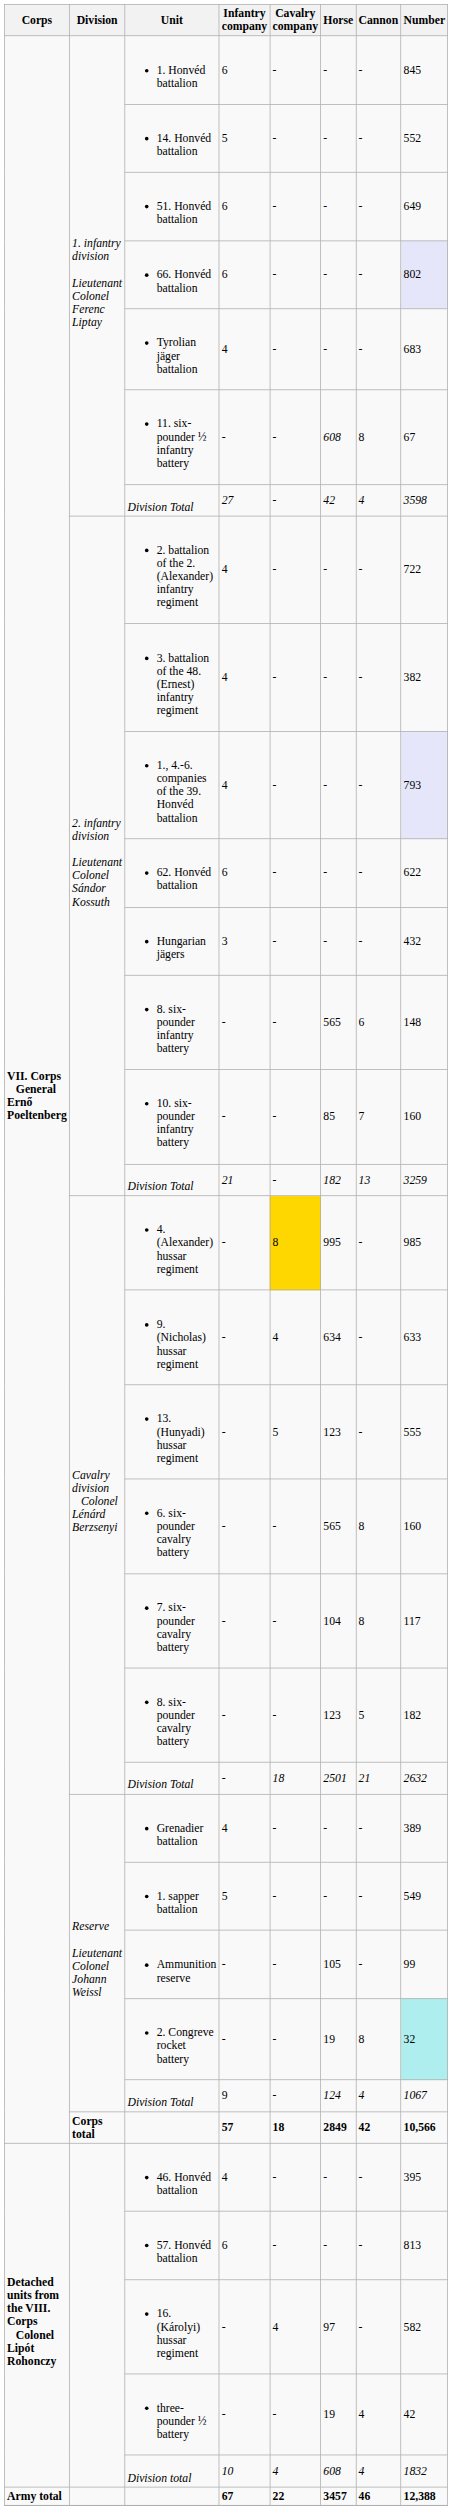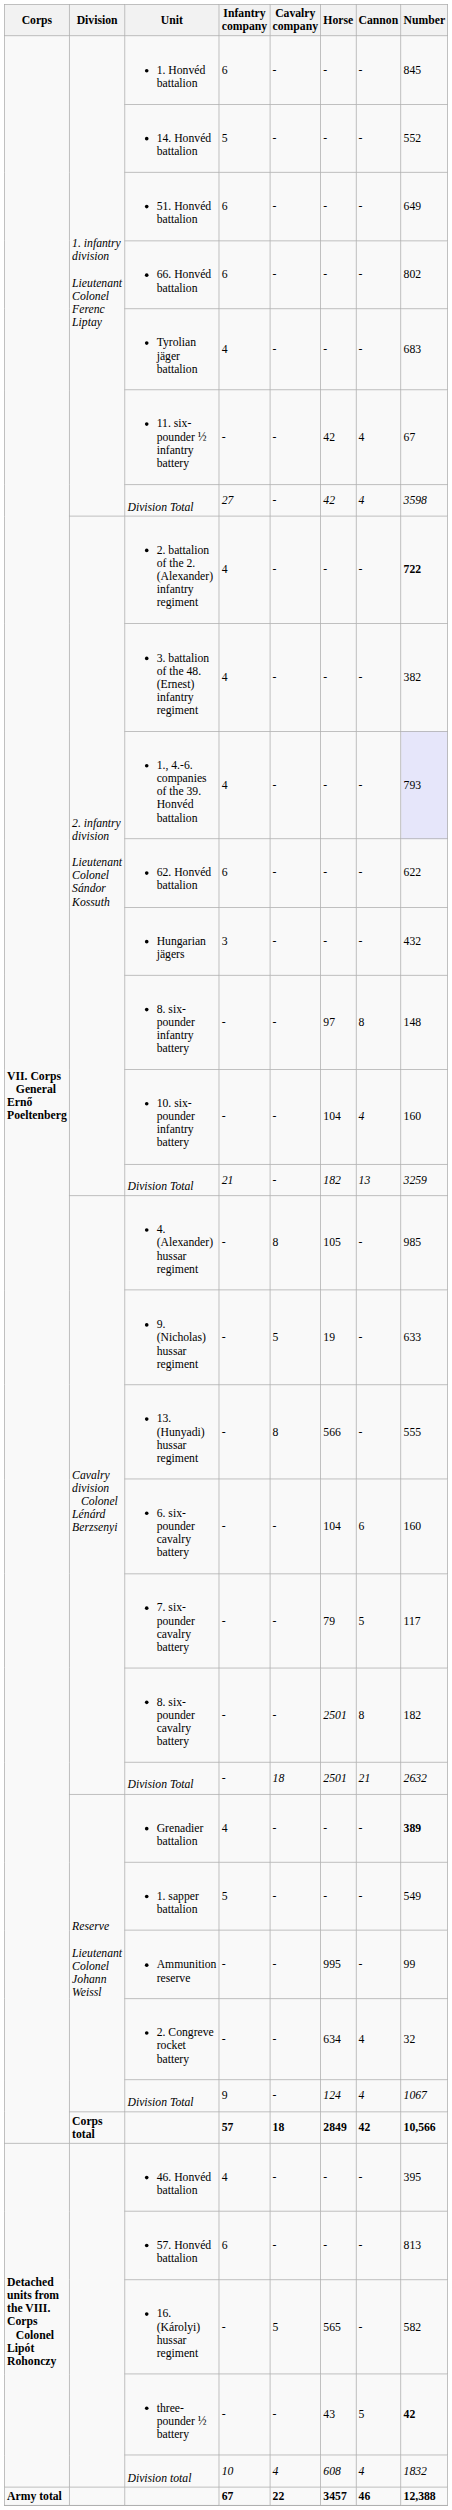 <table class="wikitable">
 <tr>
 <th width=15%>Corps</th>
 <th width=15%>Division</th>
 <th width=40%>Unit</th>
 <th width=5%>Infantry company</th>
 <th width=5%>Cavalry company</th>
 <th width=5%>Horse</th>
 <th width=5%>Cannon</th>
 <th width=5%>Number</th>
 </tr>
 <tr>
 <td rowspan="28"><br><strong>VII. Corps</strong> <br>   <strong>General Ernő Poeltenberg</strong></td>
 <td rowspan="7"><br><em>1. infantry division</em> <br>   <em>Lieutenant Colonel Ferenc Liptay</em></td>
 <td><br><ul><li>1. Honvéd battalion</li></ul></td>
 <td>6</td>
 <td>-</td>
 <td>-</td>
 <td>-</td>
 <td>845</td>
 </tr>
 <tr>
 <td><br><ul><li>14. Honvéd battalion</li></ul></td>
 <td>5</td>
 <td>-</td>
 <td>-</td>
 <td>-</td>
 <td>552</td>
 </tr>
 <tr>
 <td><br><ul><li>51. Honvéd battalion</li></ul></td>
 <td>6</td>
 <td>-</td>
 <td>-</td>
 <td>-</td>
 <td>649</td>
 </tr>
 <tr>
 <td><br><ul><li>66. Honvéd battalion</li></ul></td>
 <td>6</td>
 <td>-</td>
 <td>-</td>
 <td>-</td>
-<td style="background: lavender;">802</td>
+<td>802</td>
 </tr>
 <tr>
 <td><br><ul><li>Tyrolian jäger battalion</li></ul></td>
 <td>4</td>
 <td>-</td>
 <td>-</td>
 <td>-</td>
 <td>683</td>
 </tr>
 <tr>
 <td><br><ul><li>11. six-pounder ½ infantry battery</li></ul></td>
 <td>-</td>
 <td>-</td>
-<td><em>608</em></td>
-<td>8</td>
+<td>42</td>
+<td>4</td>
 <td>67</td>
 </tr>
 <tr>
 <td><br><em>Division Total</em></td>
 <td><em>27</em></td>
 <td>-</td>
 <td><em>42</em></td>
 <td><em>4</em></td>
 <td><em>3598</em></td>
 </tr>
 <tr>
 <td rowspan="8"><br><em>2. infantry division</em> <br>   <em>Lieutenant Colonel Sándor Kossuth</em></td>
 <td><br><ul><li>2. battalion of the 2. (Alexander) infantry regiment</li></ul></td>
 <td>4</td>
 <td>-</td>
 <td>-</td>
 <td>-</td>
-<td>722</td>
+<td><strong>722</strong></td>
 </tr>
 <tr>
 <td><br><ul><li>3. battalion of the 48. (Ernest) infantry regiment</li></ul></td>
 <td>4</td>
 <td>-</td>
 <td>-</td>
 <td>-</td>
 <td>382</td>
 </tr>
 <tr>
 <td><br><ul><li>1., 4.-6. companies of the 39. Honvéd battalion</li></ul></td>
 <td>4</td>
 <td>-</td>
 <td>-</td>
 <td>-</td>
 <td style="background: lavender;">793</td>
 </tr>
 <tr>
 <td><br><ul><li>62. Honvéd battalion</li></ul></td>
 <td>6</td>
 <td>-</td>
 <td>-</td>
 <td>-</td>
 <td>622</td>
 </tr>
 <tr>
 <td><br><ul><li>Hungarian jägers</li></ul></td>
 <td>3</td>
 <td>-</td>
 <td>-</td>
 <td>-</td>
 <td>432</td>
 </tr>
 <tr>
 <td><br><ul><li>8. six-pounder infantry battery</li></ul></td>
 <td>-</td>
 <td>-</td>
-<td>565</td>
-<td>6</td>
+<td>97</td>
+<td>8</td>
 <td>148</td>
 </tr>
 <tr>
 <td><br><ul><li>10. six-pounder infantry battery</li></ul></td>
 <td>-</td>
 <td>-</td>
-<td>85</td>
-<td>7</td>
+<td>104</td>
+<td><em>4</em></td>
 <td>160</td>
 </tr>
 <tr>
 <td><br><em>Division Total</em></td>
 <td><em>21</em></td>
 <td>-</td>
 <td><em>182</em></td>
 <td><em>13</em></td>
 <td><em>3259</em></td>
 </tr>
 <tr>
 <td rowspan="7"><br><em>Cavalry division</em> <br>   <em>Colonel Lénárd Berzsenyi</em></td>
 <td><br><ul><li>4. (Alexander) hussar regiment</li></ul></td>
 <td>-</td>
-<td style="background: gold;">8</td>
-<td>995</td>
+<td>8</td>
+<td>105</td>
 <td>-</td>
 <td>985</td>
 </tr>
 <tr>
 <td><br><ul><li>9. (Nicholas) hussar regiment</li></ul></td>
 <td>-</td>
-<td>4</td>
-<td>634</td>
+<td>5</td>
+<td>19</td>
 <td>-</td>
 <td>633</td>
 </tr>
 <tr>
 <td><br><ul><li>13. (Hunyadi) hussar regiment</li></ul></td>
 <td>-</td>
-<td>5</td>
-<td>123</td>
+<td>8</td>
+<td>566</td>
 <td>-</td>
 <td>555</td>
 </tr>
 <tr>
 <td><br><ul><li>6. six-pounder cavalry battery</li></ul></td>
 <td>-</td>
 <td>-</td>
-<td>565</td>
-<td>8</td>
+<td>104</td>
+<td>6</td>
 <td>160</td>
 </tr>
 <tr>
 <td><br><ul><li>7. six-pounder cavalry battery</li></ul></td>
 <td>-</td>
 <td>-</td>
-<td>104</td>
-<td>8</td>
+<td>79</td>
+<td>5</td>
 <td>117</td>
 </tr>
 <tr>
 <td><br><ul><li>8. six-pounder cavalry battery</li></ul></td>
 <td>-</td>
 <td>-</td>
-<td>123</td>
-<td>5</td>
+<td><em>2501</em></td>
+<td>8</td>
 <td>182</td>
 </tr>
 <tr>
 <td><br><em>Division Total</em></td>
 <td>-</td>
 <td><em>18</em></td>
 <td><em>2501</em></td>
 <td><em>21</em></td>
 <td><em>2632</em></td>
 </tr>
 <tr>
 <td rowspan="5"><br><em>Reserve</em> <br>   <em>Lieutenant Colonel Johann Weissl</em></td>
 <td><br><ul><li>Grenadier battalion</li></ul></td>
 <td>4</td>
 <td>-</td>
 <td>-</td>
 <td>-</td>
-<td>389</td>
+<td><strong>389</strong></td>
 </tr>
 <tr>
 <td><br><ul><li>1. sapper battalion</li></ul></td>
 <td>5</td>
 <td>-</td>
 <td>-</td>
 <td>-</td>
 <td>549</td>
 </tr>
 <tr>
 <td><br><ul><li>Ammunition reserve</li></ul></td>
 <td>-</td>
 <td>-</td>
-<td>105</td>
+<td>995</td>
 <td>-</td>
 <td>99</td>
 </tr>
 <tr>
 <td><br><ul><li>2. Congreve rocket battery</li></ul></td>
 <td>-</td>
 <td>-</td>
-<td>19</td>
-<td>8</td>
-<td style="background: paleturquoise;">32</td>
+<td>634</td>
+<td>4</td>
+<td>32</td>
 </tr>
 <tr>
 <td><br><em>Division Total</em></td>
 <td>9</td>
 <td>-</td>
 <td><em>124</em></td>
 <td><em>4</em></td>
 <td><em>1067</em></td>
 </tr>
 <tr>
 <td><strong>Corps total</strong></td>
 <td></td>
 <td><strong>57</strong></td>
 <td><strong>18</strong></td>
 <td><strong>2849</strong></td>
 <td><strong>42</strong></td>
 <td><strong>10,566</strong></td>
 </tr>
 <tr>
 <td rowspan="5"><br><strong>Detached units from the VIII. Corps</strong> <br>   <strong>Colonel Lipót Rohonczy</strong></td>
 <td rowspan="5"></td>
 <td><br><ul><li>46. Honvéd battalion</li></ul></td>
 <td>4</td>
 <td>-</td>
 <td>-</td>
 <td>-</td>
 <td>395</td>
 </tr>
 <tr>
 <td><br><ul><li>57. Honvéd battalion</li></ul></td>
 <td>6</td>
 <td>-</td>
 <td>-</td>
 <td>-</td>
 <td>813</td>
 </tr>
 <tr>
 <td><br><ul><li>16. (Károlyi) hussar regiment</li></ul></td>
 <td>-</td>
-<td>4</td>
-<td>97</td>
+<td>5</td>
+<td>565</td>
 <td>-</td>
 <td>582</td>
 </tr>
 <tr>
 <td><br><ul><li>three-pounder ½ battery</li></ul></td>
 <td>-</td>
 <td>-</td>
-<td>19</td>
-<td>4</td>
-<td>42</td>
+<td>43</td>
+<td>5</td>
+<td><strong>42</strong></td>
 </tr>
 <tr>
 <td><br><em>Division total</em></td>
 <td><em>10</em></td>
 <td><em>4</em></td>
 <td><em>608</em></td>
 <td><em>4</em></td>
 <td><em>1832</em></td>
 </tr>
 <tr>
 <td><strong>Army total</strong></td>
 <td></td>
 <td></td>
 <td><strong>67</strong></td>
 <td><strong>22</strong></td>
 <td><strong>3457</strong></td>
 <td><strong>46</strong></td>
 <td><strong>12,388</strong></td>
 </tr>
 <tr>
 </tr>
 </table>
